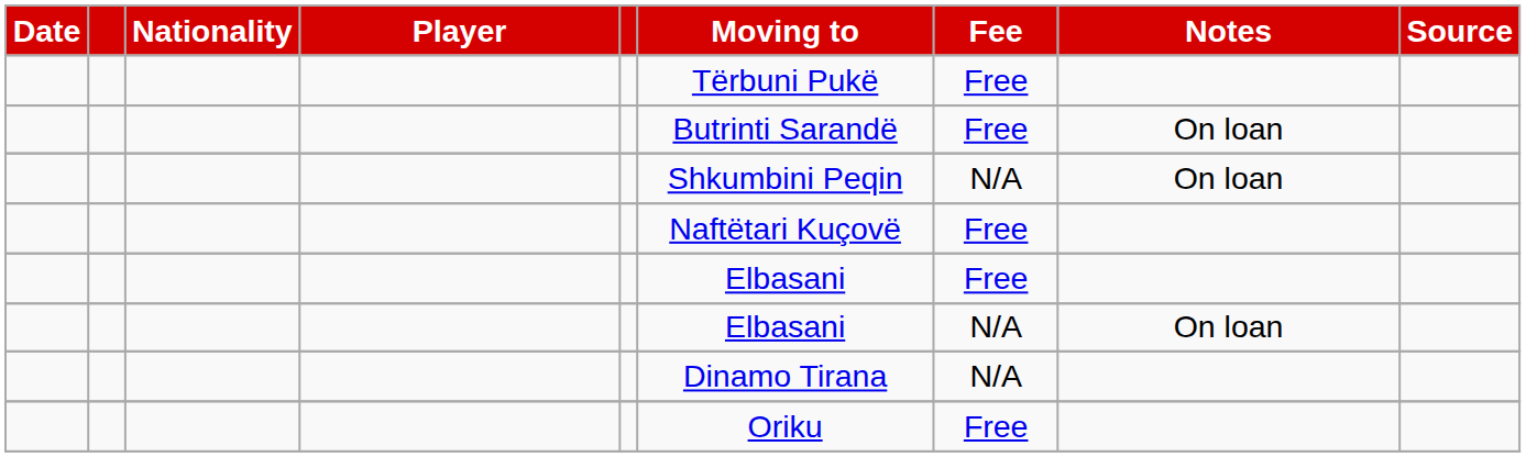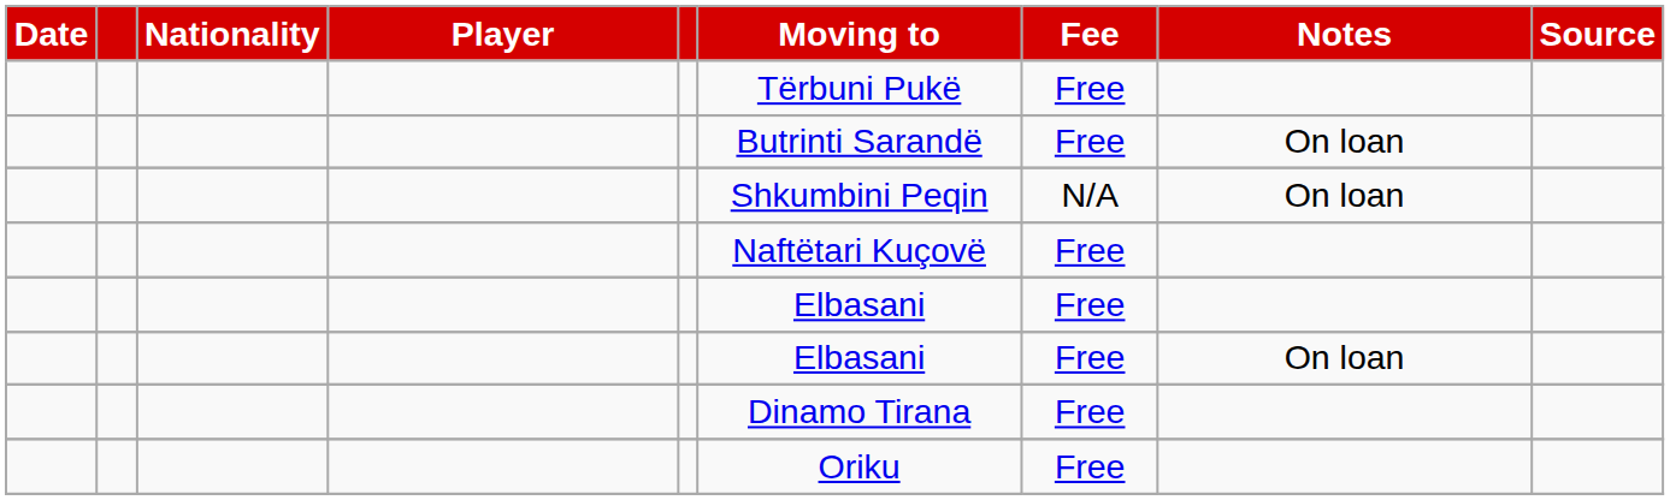 <table class="wikitable"  style="text-align:center; font-size:90%; ">
 <tr>
 <th style="background:#d50000; color:white; width:15px;">Date</th>
 <th style="background:#d50000; color:white; width:10px;"></th>
 <th style="background:#d50000; color:white; width:10px;">Nationality</th>
 <th style="background:#d50000; color:white; width:140px;">Player</th>
 <th style="background:#d50000; color:white; width:1px;"></th>
 <th style="background:#d50000; color:white; width:130px;">Moving to</th>
 <th style="background:#d50000; color:white; width:50px;">Fee</th>
 <th style="background:#d50000; color:white; width:150px;">Notes</th>
 <th style="background:#d50000; color:white; width:25px;">Source</th>
 </tr>
 <tr>
 <td></td>
 <td align=center></td>
 <td></td>
 <td></td>
 <td></td>
 <td><a href='#'>Tërbuni Pukë</a></td>
 <td align=center><a href='#'>Free</a></td>
 <td align=center></td>
 <td align=center></td>
 </tr>
 <tr>
 </tr>
 <tr>
 <td></td>
 <td align=center></td>
 <td></td>
 <td></td>
 <td></td>
 <td><a href='#'>Butrinti Sarandë</a></td>
 <td align=center><a href='#'>Free</a></td>
 <td align=center>On loan</td>
 <td align=center></td>
 </tr>
 <tr>
 </tr>
 <tr>
 <td></td>
 <td align=center></td>
 <td></td>
 <td></td>
 <td></td>
 <td><a href='#'>Shkumbini Peqin</a></td>
 <td align=center>N/A</td>
 <td align=center>On loan</td>
 <td align=center></td>
 </tr>
 <tr>
 </tr>
 <tr>
 <td></td>
 <td align=center></td>
 <td></td>
 <td></td>
 <td></td>
 <td><a href='#'>Naftëtari Kuçovë</a></td>
 <td align=center><a href='#'>Free</a></td>
 <td align=center></td>
 <td align=center></td>
 </tr>
 <tr>
 </tr>
 <tr>
 <td></td>
 <td align=center></td>
 <td></td>
 <td></td>
 <td></td>
 <td><a href='#'>Elbasani</a></td>
 <td align=center><a href='#'>Free</a></td>
 <td align=center></td>
 <td align=center></td>
 </tr>
 <tr>
 </tr>
 <tr>
 <td></td>
 <td align=center></td>
 <td></td>
 <td></td>
 <td></td>
 <td><a href='#'>Elbasani</a></td>
-<td align=center>N/A</td>
+<td align=center><a href='#'>Free</a></td>
 <td align=center>On loan</td>
 <td align=center></td>
 </tr>
 <tr>
 </tr>
 <tr>
 <td></td>
 <td align=center></td>
 <td></td>
 <td></td>
 <td></td>
 <td><a href='#'>Dinamo Tirana</a></td>
-<td align=center>N/A</td>
+<td align=center><a href='#'>Free</a></td>
 <td align=center></td>
 <td align=center></td>
 </tr>
 <tr>
 </tr>
 <tr>
 <td></td>
 <td align=center></td>
 <td></td>
 <td></td>
 <td></td>
 <td><a href='#'>Oriku</a></td>
 <td align=center><a href='#'>Free</a></td>
 <td align=center></td>
 <td align=center></td>
 </tr>
 <tr>
 </tr>
 </table>
